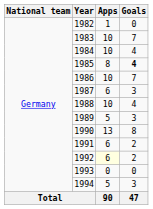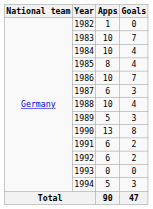 <table class="wikitable" style="text-align:center">
 <tr>
 <th>National team</th>
 <th>Year</th>
 <th>Apps</th>
 <th>Goals</th>
 </tr>
 <tr>
 <td rowspan="13"><a href='#'>Germany</a></td>
 <td>1982</td>
 <td>1</td>
 <td>0</td>
 </tr>
 <tr>
 <td>1983</td>
 <td>10</td>
 <td>7</td>
 </tr>
 <tr>
 <td>1984</td>
 <td>10</td>
 <td>4</td>
 </tr>
 <tr>
 <td>1985</td>
 <td>8</td>
-<td><strong>4</strong></td>
+<td>4</td>
 </tr>
 <tr>
 <td>1986</td>
 <td>10</td>
 <td>7</td>
 </tr>
 <tr>
 <td>1987</td>
 <td>6</td>
 <td>3</td>
 </tr>
 <tr>
 <td>1988</td>
 <td>10</td>
 <td>4</td>
 </tr>
 <tr>
 <td>1989</td>
 <td>5</td>
 <td>3</td>
 </tr>
 <tr>
 <td>1990</td>
 <td>13</td>
 <td>8</td>
 </tr>
 <tr>
 <td>1991</td>
 <td>6</td>
 <td>2</td>
 </tr>
 <tr>
 <td>1992</td>
-<td style="background: lightyellow;">6</td>
+<td>6</td>
 <td>2</td>
 </tr>
 <tr>
 <td>1993</td>
 <td>0</td>
 <td>0</td>
 </tr>
 <tr>
 <td>1994</td>
 <td>5</td>
 <td>3</td>
 </tr>
 <tr>
 <th colspan="2">Total</th>
 <th>90</th>
 <th>47</th>
 </tr>
 </table>
